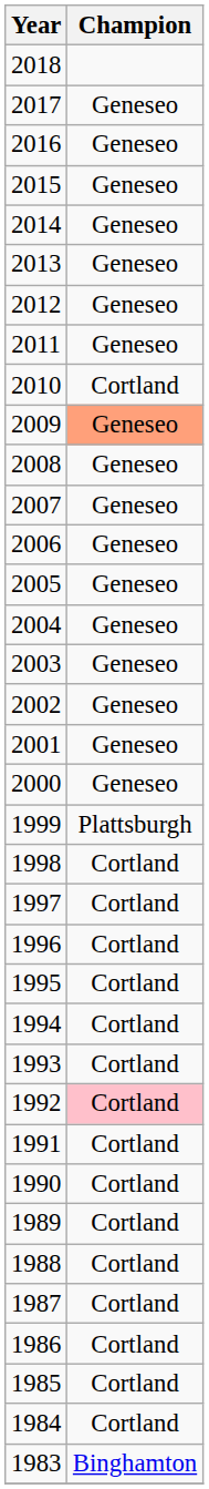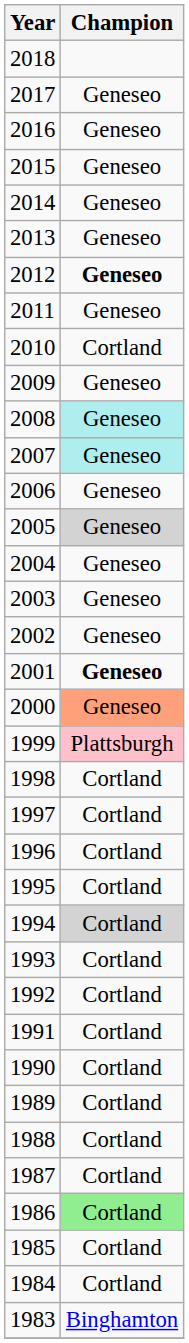 <table class="wikitable" style="text-align:center" cellpadding=2 cellspacing=2>
 <tr>
 <th>Year</th>
 <th>Champion</th>
 </tr>
 <tr>
 <td>2018</td>
 <td></td>
 </tr>
 <tr>
 <td>2017</td>
 <td>Geneseo</td>
 </tr>
 <tr>
 <td>2016</td>
 <td>Geneseo</td>
 </tr>
 <tr>
 <td>2015</td>
 <td>Geneseo</td>
 </tr>
 <tr>
 <td>2014</td>
 <td>Geneseo</td>
 </tr>
 <tr>
 <td>2013</td>
 <td>Geneseo</td>
 </tr>
 <tr>
 <td>2012</td>
-<td>Geneseo</td>
+<td><strong>Geneseo</strong></td>
 </tr>
 <tr>
 <td>2011</td>
 <td>Geneseo</td>
 </tr>
 <tr>
 <td>2010</td>
 <td>Cortland</td>
 </tr>
 <tr>
 <td>2009</td>
-<td style="background: lightsalmon;">Geneseo</td>
+<td>Geneseo</td>
 </tr>
 <tr>
 <td>2008</td>
-<td>Geneseo</td>
+<td style="background: paleturquoise;">Geneseo</td>
 </tr>
 <tr>
 <td>2007</td>
-<td>Geneseo</td>
+<td style="background: paleturquoise;">Geneseo</td>
 </tr>
 <tr>
 <td>2006</td>
 <td>Geneseo</td>
 </tr>
 <tr>
 <td>2005</td>
-<td>Geneseo</td>
+<td style="background: lightgrey;">Geneseo</td>
 </tr>
 <tr>
 <td>2004</td>
 <td>Geneseo</td>
 </tr>
 <tr>
 <td>2003</td>
 <td>Geneseo</td>
 </tr>
 <tr>
 <td>2002</td>
 <td>Geneseo</td>
 </tr>
 <tr>
 <td>2001</td>
-<td>Geneseo</td>
+<td><strong>Geneseo</strong></td>
 </tr>
 <tr>
 <td>2000</td>
-<td>Geneseo</td>
+<td style="background: lightsalmon;">Geneseo</td>
 </tr>
 <tr>
 <td>1999</td>
-<td>Plattsburgh</td>
+<td style="background: pink;">Plattsburgh</td>
 </tr>
 <tr>
 <td>1998</td>
 <td>Cortland</td>
 </tr>
 <tr>
 <td>1997</td>
 <td>Cortland</td>
 </tr>
 <tr>
 <td>1996</td>
 <td>Cortland</td>
 </tr>
 <tr>
 <td>1995</td>
 <td>Cortland</td>
 </tr>
 <tr>
 <td>1994</td>
-<td>Cortland</td>
+<td style="background: lightgrey;">Cortland</td>
 </tr>
 <tr>
 <td>1993</td>
 <td>Cortland</td>
 </tr>
 <tr>
 <td>1992</td>
-<td style="background: pink;">Cortland</td>
+<td>Cortland</td>
 </tr>
 <tr>
 <td>1991</td>
 <td>Cortland</td>
 </tr>
 <tr>
 <td>1990</td>
 <td>Cortland</td>
 </tr>
 <tr>
 <td>1989</td>
 <td>Cortland</td>
 </tr>
 <tr>
 <td>1988</td>
 <td>Cortland</td>
 </tr>
 <tr>
 <td>1987</td>
 <td>Cortland</td>
 </tr>
 <tr>
 <td>1986</td>
-<td>Cortland</td>
+<td style="background: lightgreen;">Cortland</td>
 </tr>
 <tr>
 <td>1985</td>
 <td>Cortland</td>
 </tr>
 <tr>
 <td>1984</td>
 <td>Cortland</td>
 </tr>
 <tr>
 <td>1983</td>
 <td><a href='#'>Binghamton</a></td>
 </tr>
 <tr>
 </tr>
 </table>
